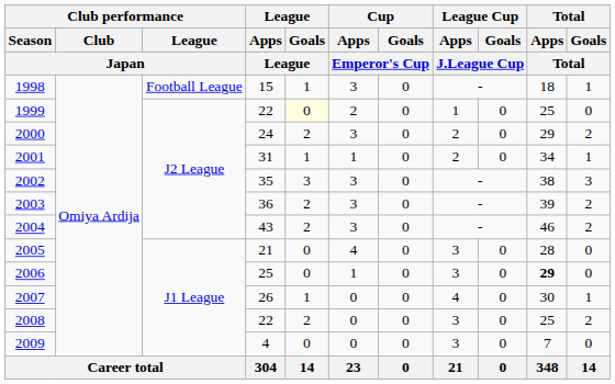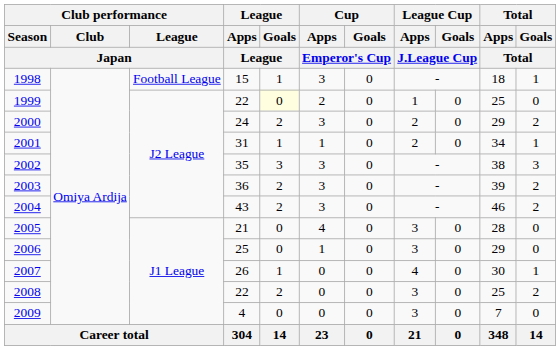 <table class="wikitable" style="text-align:center">
 <tr>
 <th colspan=3>Club performance</th>
 <th colspan=2>League</th>
 <th colspan=2>Cup</th>
 <th colspan=2>League Cup</th>
 <th colspan=2>Total</th>
 </tr>
 <tr>
 <th>Season</th>
 <th>Club</th>
 <th>League</th>
 <th>Apps</th>
 <th>Goals</th>
 <th>Apps</th>
 <th>Goals</th>
 <th>Apps</th>
 <th>Goals</th>
 <th>Apps</th>
 <th>Goals</th>
 </tr>
 <tr>
 <th colspan=3>Japan</th>
 <th colspan=2>League</th>
 <th colspan=2><a href='#'>Emperor's Cup</a></th>
 <th colspan=2><a href='#'>J.League Cup</a></th>
 <th colspan=2>Total</th>
 </tr>
 <tr>
 <td><a href='#'>1998</a></td>
 <td rowspan="12"><a href='#'>Omiya Ardija</a></td>
 <td><a href='#'>Football League</a></td>
 <td>15</td>
 <td>1</td>
 <td>3</td>
 <td>0</td>
 <td colspan="2">-</td>
 <td>18</td>
 <td>1</td>
 </tr>
 <tr>
 <td><a href='#'>1999</a></td>
 <td rowspan="6"><a href='#'>J2 League</a></td>
 <td>22</td>
 <td style="background: lightyellow;">0</td>
 <td>2</td>
 <td>0</td>
 <td>1</td>
 <td>0</td>
 <td>25</td>
 <td>0</td>
 </tr>
 <tr>
 <td><a href='#'>2000</a></td>
 <td>24</td>
 <td>2</td>
 <td>3</td>
 <td>0</td>
 <td>2</td>
 <td>0</td>
 <td>29</td>
 <td>2</td>
 </tr>
 <tr>
 <td><a href='#'>2001</a></td>
 <td>31</td>
 <td>1</td>
 <td>1</td>
 <td>0</td>
 <td>2</td>
 <td>0</td>
 <td>34</td>
 <td>1</td>
 </tr>
 <tr>
 <td><a href='#'>2002</a></td>
 <td>35</td>
 <td>3</td>
 <td>3</td>
 <td>0</td>
 <td colspan="2">-</td>
 <td>38</td>
 <td>3</td>
 </tr>
 <tr>
 <td><a href='#'>2003</a></td>
 <td>36</td>
 <td>2</td>
 <td>3</td>
 <td>0</td>
 <td colspan="2">-</td>
 <td>39</td>
 <td>2</td>
 </tr>
 <tr>
 <td><a href='#'>2004</a></td>
 <td>43</td>
 <td>2</td>
 <td>3</td>
 <td>0</td>
 <td colspan="2">-</td>
 <td>46</td>
 <td>2</td>
 </tr>
 <tr>
 <td><a href='#'>2005</a></td>
 <td rowspan="5"><a href='#'>J1 League</a></td>
 <td>21</td>
 <td>0</td>
 <td>4</td>
 <td>0</td>
 <td>3</td>
 <td>0</td>
 <td>28</td>
 <td>0</td>
 </tr>
 <tr>
 <td><a href='#'>2006</a></td>
 <td>25</td>
 <td>0</td>
 <td>1</td>
 <td>0</td>
 <td>3</td>
 <td>0</td>
-<td><strong>29</strong></td>
+<td>29</td>
 <td>0</td>
 </tr>
 <tr>
 <td><a href='#'>2007</a></td>
 <td>26</td>
 <td>1</td>
 <td>0</td>
 <td>0</td>
 <td>4</td>
 <td>0</td>
 <td>30</td>
 <td>1</td>
 </tr>
 <tr>
 <td><a href='#'>2008</a></td>
 <td>22</td>
 <td>2</td>
 <td>0</td>
 <td>0</td>
 <td>3</td>
 <td>0</td>
 <td>25</td>
 <td>2</td>
 </tr>
 <tr>
 <td><a href='#'>2009</a></td>
 <td>4</td>
 <td>0</td>
 <td>0</td>
 <td>0</td>
 <td>3</td>
 <td>0</td>
 <td>7</td>
 <td>0</td>
 </tr>
 <tr>
 <th colspan=3>Career total</th>
 <th>304</th>
 <th>14</th>
 <th>23</th>
 <th>0</th>
 <th>21</th>
 <th>0</th>
 <th>348</th>
 <th>14</th>
 </tr>
 </table>
